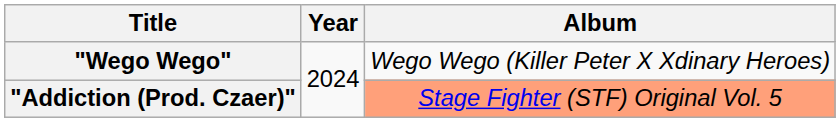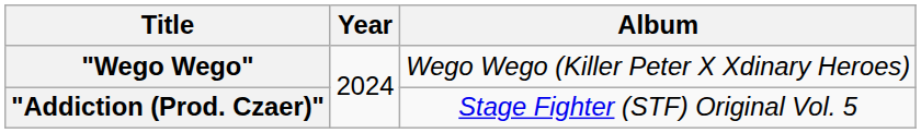 <table class="wikitable plainrowheaders" style="text-align:center">
 <tr>
 <th scope="col">Title</th>
 <th scope="col">Year</th>
 <th scope="col">Album</th>
 </tr>
 <tr>
 <th scope="row">"Wego Wego"</th>
 <td rowspan="2">2024</td>
 <td><em>Wego Wego (Killer Peter X Xdinary Heroes)</em></td>
 </tr>
 <tr>
 <th scope="row">"Addiction (Prod. Czaer)"</th>
-<td style="background: lightsalmon;"><em><a href='#'>Stage Fighter</a> (STF) Original Vol. 5</em></td>
+<td><em><a href='#'>Stage Fighter</a> (STF) Original Vol. 5</em></td>
 </tr>
 </table>
